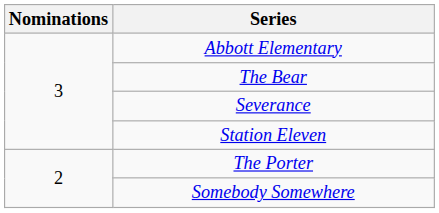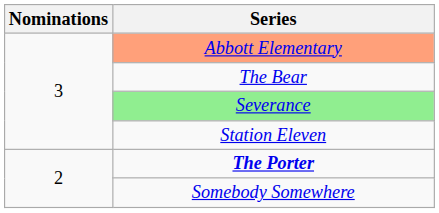 <table class="wikitable" rowspan=2 border=2 style="text-align:center;">
 <tr>
 <th scope="col" width="50">Nominations</th>
 <th scope="col" width="275">Series</th>
 </tr>
 <tr>
 <td rowspan="4">3</td>
-<td><em><a href='#'>Abbott Elementary</a></em></td>
+<td style="background: lightsalmon;"><em><a href='#'>Abbott Elementary</a></em></td>
 </tr>
 <tr>
 <td><em><a href='#'>The Bear</a></em></td>
 </tr>
 <tr>
-<td><em><a href='#'>Severance</a></em></td>
+<td style="background: lightgreen;"><em><a href='#'>Severance</a></em></td>
 </tr>
 <tr>
 <td><em><a href='#'>Station Eleven</a></em></td>
 </tr>
 <tr>
 <td rowspan="2">2</td>
-<td><em><a href='#'>The Porter</a></em></td>
+<td><strong><em><a href='#'>The Porter</a></em></strong></td>
 </tr>
 <tr>
 <td><em><a href='#'>Somebody Somewhere</a></em></td>
 </tr>
 </table>
